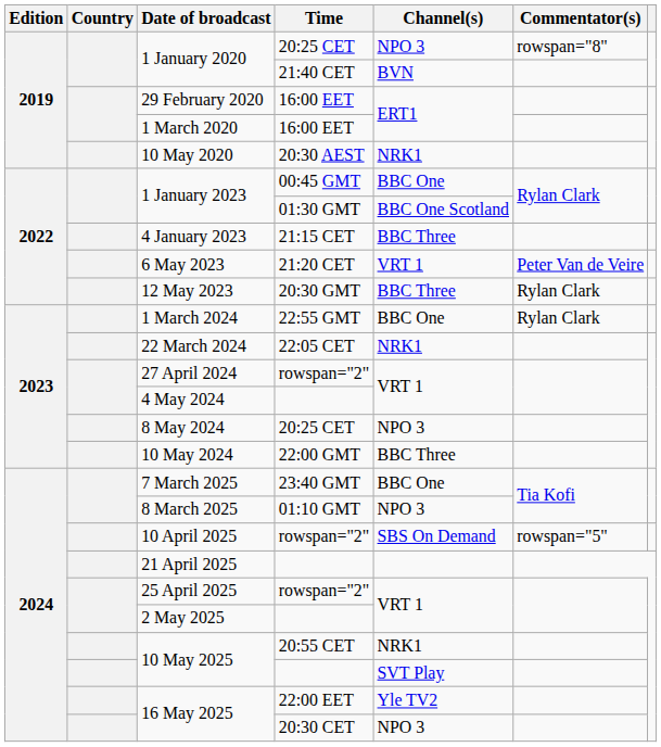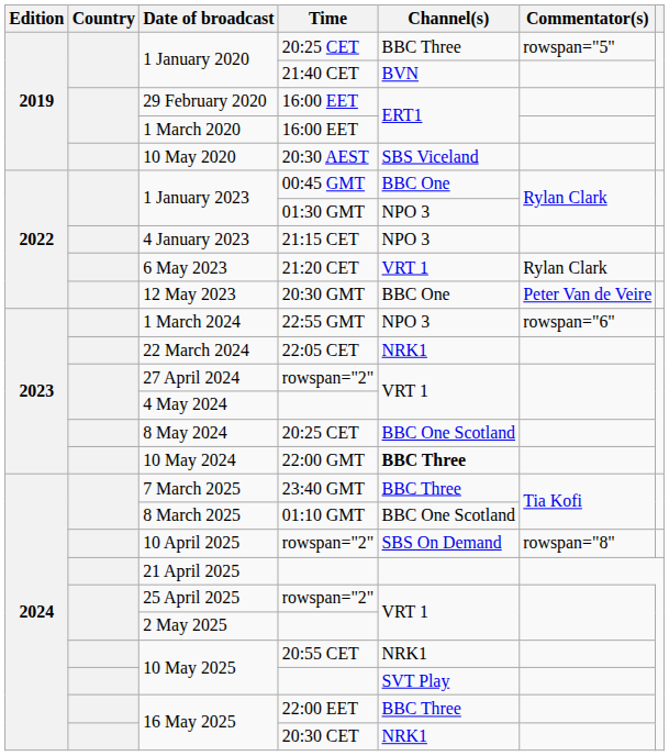 <table class="wikitable plainrowheaders sticky-header">
 <tr>
 <th scope="col">Edition</th>
 <th scope="col">Country</th>
 <th scope="col">Date of broadcast</th>
 <th scope="col">Time</th>
 <th scope="col">Channel(s)</th>
 <th scope="col">Commentator(s)</th>
 <th scope="col"></th>
 </tr>
 <tr>
 <th scope="row" rowspan="5"><strong>2019</strong></th>
 <th scope="row" rowspan="2"></th>
 <td rowspan="2">1 January 2020</td>
 <td>20:25 <a href='#'>CET</a></td>
-<td><a href='#'>NPO 3</a></td>
-<td>rowspan="8" </td>
+<td>BBC Three</td>
+<td>rowspan="5" </td>
 <td rowspan="2"></td>
 </tr>
 <tr>
 <td>21:40 CET</td>
 <td><a href='#'>BVN</a></td>
 </tr>
 <tr>
 <th scope="row" rowspan="2"></th>
 <td>29 February 2020 </td>
 <td>16:00 <a href='#'>EET</a></td>
 <td rowspan="2"><a href='#'>ERT1</a></td>
 <td></td>
 </tr>
 <tr>
 <td>1 March 2020 </td>
 <td>16:00 EET</td>
 <td></td>
 </tr>
 <tr>
 <th scope="row"></th>
 <td>10 May 2020</td>
 <td>20:30 <a href='#'>AEST</a></td>
-<td><a href='#'>NRK1</a></td>
+<td><a href='#'>SBS Viceland</a></td>
 <td></td>
 </tr>
 <tr>
 <th scope="row" rowspan="5"><strong>2022</strong></th>
 <th scope="row" rowspan="2"></th>
 <td rowspan="2">1 January 2023</td>
 <td>00:45 <a href='#'>GMT</a></td>
 <td><a href='#'>BBC One</a></td>
 <td rowspan="2"><a href='#'>Rylan Clark</a></td>
 <td rowspan="2"></td>
 </tr>
 <tr>
 <td>01:30 GMT</td>
-<td><a href='#'>BBC One Scotland</a></td>
+<td>NPO 3</td>
 </tr>
 <tr>
 <th scope="row"></th>
 <td>4 January 2023</td>
 <td>21:15 CET</td>
-<td><a href='#'>BBC Three</a></td>
+<td>NPO 3</td>
 <td></td>
 <td></td>
 </tr>
 <tr>
 <th scope="row"></th>
 <td>6 May 2023</td>
 <td>21:20 CET</td>
 <td><a href='#'>VRT 1</a></td>
-<td><a href='#'>Peter Van de Veire</a></td>
+<td>Rylan Clark</td>
 <td></td>
 </tr>
 <tr>
 <th scope="row"></th>
 <td>12 May 2023</td>
 <td>20:30 GMT</td>
-<td><a href='#'>BBC Three</a></td>
-<td>Rylan Clark</td>
+<td>BBC One</td>
+<td><a href='#'>Peter Van de Veire</a></td>
 <td></td>
 </tr>
 <tr>
 <th scope="row" rowspan="6"><strong>2023</strong></th>
 <th scope="row"></th>
 <td>1 March 2024</td>
 <td>22:55 GMT</td>
-<td>BBC One</td>
-<td>Rylan Clark</td>
+<td>NPO 3</td>
+<td>rowspan="6" </td>
 <td></td>
 </tr>
 <tr>
 <th scope="row"></th>
 <td>22 March 2024</td>
 <td>22:05 CET</td>
 <td><a href='#'>NRK1</a></td>
 <td></td>
 </tr>
 <tr>
 <th scope="row" rowspan="2"></th>
 <td>27 April 2024 </td>
 <td>rowspan="2" </td>
 <td rowspan="2">VRT 1</td>
 <td rowspan="2"></td>
 </tr>
 <tr>
 <td>4 May 2024 </td>
 </tr>
 <tr>
 <th scope="row"></th>
 <td>8 May 2024</td>
 <td>20:25 CET</td>
-<td>NPO 3</td>
+<td><a href='#'>BBC One Scotland</a></td>
 <td></td>
 </tr>
 <tr>
 <th scope="row"></th>
 <td>10 May 2024</td>
 <td>22:00 GMT</td>
-<td>BBC Three</td>
+<td><strong>BBC Three</strong></td>
 <td></td>
 </tr>
 <tr>
 <th scope="row" rowspan="10"><strong>2024</strong></th>
 <th scope="row" rowspan="2"></th>
 <td>7 March 2025</td>
 <td>23:40 GMT</td>
-<td>BBC One</td>
+<td><a href='#'>BBC Three</a></td>
 <td rowspan="2"><a href='#'>Tia Kofi</a></td>
 <td rowspan="2"></td>
 </tr>
 <tr>
 <td>8 March 2025</td>
 <td>01:10 GMT</td>
-<td>NPO 3</td>
+<td>BBC One Scotland</td>
 </tr>
 <tr>
 <th scope="row"></th>
 <td>10 April 2025</td>
 <td>rowspan="2" </td>
 <td><a href='#'>SBS On Demand</a></td>
-<td>rowspan="5" </td>
+<td>rowspan="8" </td>
 <td></td>
 </tr>
 <tr>
 <th scope="row"></th>
 <td>21 April 2025</td>
 <td></td>
 <td></td>
 </tr>
 <tr>
 <th scope="row" rowspan="2"></th>
 <td>25 April 2025 </td>
 <td>rowspan="2" </td>
 <td rowspan="2">VRT 1</td>
 <td rowspan="2"></td>
 </tr>
 <tr>
 <td>2 May 2025 </td>
 </tr>
 <tr>
 <th scope="row"></th>
 <td rowspan="2">10 May 2025</td>
 <td>20:55 CET</td>
 <td>NRK1</td>
 <td></td>
 </tr>
 <tr>
 <th scope="row"></th>
 <td></td>
 <td><a href='#'>SVT Play</a></td>
 <td></td>
 </tr>
 <tr>
 <th scope="row"></th>
 <td rowspan="2">16 May 2025</td>
 <td>22:00 EET</td>
-<td><a href='#'>Yle TV2</a></td>
+<td><a href='#'>BBC Three</a></td>
 <td></td>
 </tr>
 <tr>
 <th scope="row"></th>
 <td>20:30 CET</td>
-<td>NPO 3</td>
+<td><a href='#'>NRK1</a></td>
 <td></td>
 </tr>
 </table>
